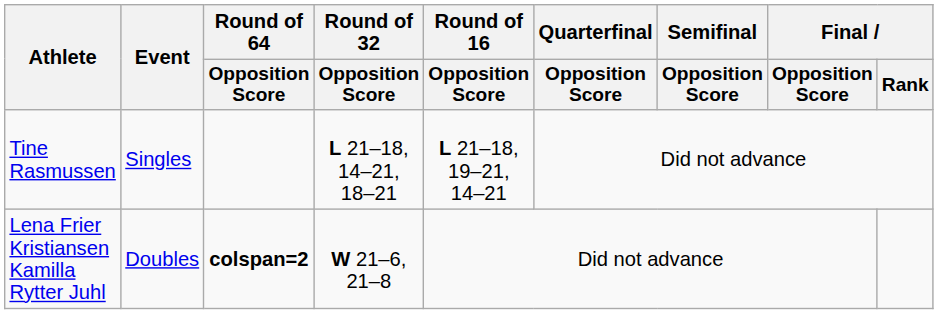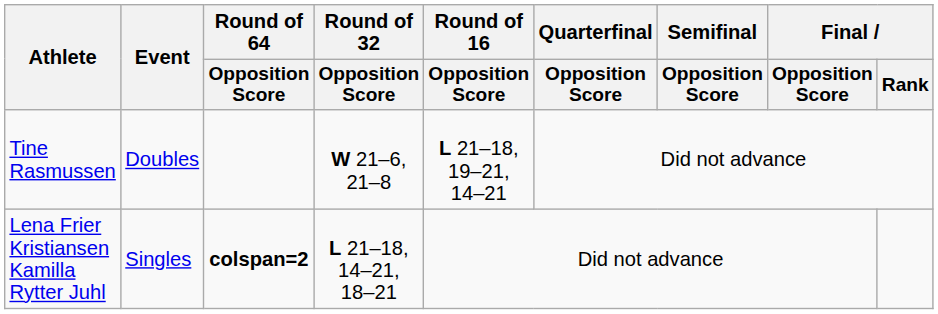 <table class=wikitable style="font-size:90%">
 <tr>
 <th rowspan="2">Athlete</th>
 <th rowspan="2">Event</th>
 <th>Round of 64</th>
 <th>Round of 32</th>
 <th>Round of 16</th>
 <th>Quarterfinal</th>
 <th>Semifinal</th>
 <th colspan=2>Final / </th>
 </tr>
 <tr style="font-size:95%">
 <th>Opposition<br>Score</th>
 <th>Opposition<br>Score</th>
 <th>Opposition<br>Score</th>
 <th>Opposition<br>Score</th>
 <th>Opposition<br>Score</th>
 <th>Opposition<br>Score</th>
 <th>Rank</th>
 </tr>
 <tr align=center>
 <td align=left><a href='#'>Tine Rasmussen</a></td>
-<td align=left><a href='#'>Singles</a></td>
+<td align=left><a href='#'>Doubles</a></td>
 <td></td>
-<td><br><strong>L</strong> 21–18, 14–21, 18–21</td>
+<td><br><strong>W</strong> 21–6, 21–8</td>
 <td><br><strong>L</strong> 21–18, 19–21, 14–21</td>
 <td colspan=4>Did not advance</td>
 </tr>
 <tr align=center>
 <td align=left><a href='#'>Lena Frier Kristiansen</a><br><a href='#'>Kamilla Rytter Juhl</a></td>
-<td align=left><a href='#'>Doubles</a></td>
+<td align=left><a href='#'>Singles</a></td>
 <td><strong>colspan=2 </strong></td>
-<td><br><strong>W</strong> 21–6, 21–8</td>
+<td><br><strong>L</strong> 21–18, 14–21, 18–21</td>
 <td colspan=4>Did not advance</td>
 </tr>
 </table>
